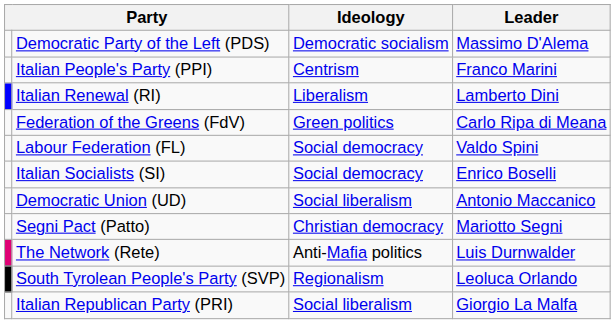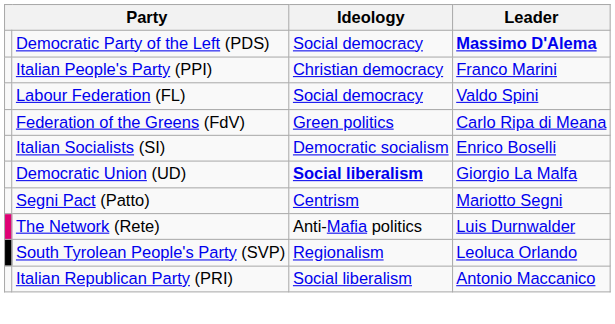 <table class=wikitable style=text-align:left>
 <tr>
 <th colspan=2>Party</th>
 <th>Ideology</th>
 <th>Leader</th>
 </tr>
 <tr>
 <td></td>
 <td><a href='#'>Democratic Party of the Left</a> (PDS)</td>
-<td><a href='#'>Democratic socialism</a></td>
-<td><a href='#'>Massimo D'Alema</a></td>
+<td><a href='#'>Social democracy</a></td>
+<td><strong><a href='#'>Massimo D'Alema</a></strong></td>
 </tr>
 <tr>
 <td></td>
 <td><a href='#'>Italian People's Party</a> (PPI)</td>
-<td><a href='#'>Centrism</a></td>
+<td><a href='#'>Christian democracy</a></td>
 <td><a href='#'>Franco Marini</a></td>
 </tr>
 <tr>
-<td bgcolor="blue"></td>
-<td><a href='#'>Italian Renewal</a> (RI)</td>
-<td><a href='#'>Liberalism</a></td>
-<td><a href='#'>Lamberto Dini</a></td>
+<td></td>
+<td><a href='#'>Labour Federation</a> (FL)</td>
+<td><a href='#'>Social democracy</a></td>
+<td><a href='#'>Valdo Spini</a></td>
 </tr>
 <tr>
 <td></td>
 <td><a href='#'>Federation of the Greens</a> (FdV)</td>
 <td><a href='#'>Green politics</a></td>
 <td><a href='#'>Carlo Ripa di Meana</a></td>
 </tr>
 <tr>
 <td></td>
-<td><a href='#'>Labour Federation</a> (FL)</td>
-<td><a href='#'>Social democracy</a></td>
-<td><a href='#'>Valdo Spini</a></td>
-</tr>
-<tr>
-<td></td>
 <td><a href='#'>Italian Socialists</a> (SI)</td>
-<td><a href='#'>Social democracy</a></td>
+<td><a href='#'>Democratic socialism</a></td>
 <td><a href='#'>Enrico Boselli</a></td>
 </tr>
 <tr>
 <td></td>
 <td><a href='#'>Democratic Union</a> (UD)</td>
-<td><a href='#'>Social liberalism</a></td>
-<td><a href='#'>Antonio Maccanico</a></td>
+<td><strong><a href='#'>Social liberalism</a></strong></td>
+<td><a href='#'>Giorgio La Malfa</a></td>
 </tr>
 <tr>
 <td></td>
 <td><a href='#'>Segni Pact</a> (Patto)</td>
-<td><a href='#'>Christian democracy</a></td>
+<td><a href='#'>Centrism</a></td>
 <td><a href='#'>Mariotto Segni</a></td>
 </tr>
 <tr>
 <td bgcolor="#DF0174"></td>
 <td><a href='#'>The Network</a> (Rete)</td>
 <td>Anti-<a href='#'>Mafia</a> politics</td>
 <td><a href='#'>Luis Durnwalder</a></td>
 </tr>
 <tr>
 <td bgcolor="Black"></td>
 <td><a href='#'>South Tyrolean People's Party</a> (SVP)</td>
 <td><a href='#'>Regionalism</a></td>
 <td><a href='#'>Leoluca Orlando</a></td>
 </tr>
 <tr>
 <td></td>
 <td><a href='#'>Italian Republican Party</a> (PRI)</td>
 <td><a href='#'>Social liberalism</a></td>
-<td><a href='#'>Giorgio La Malfa</a></td>
+<td><a href='#'>Antonio Maccanico</a></td>
 </tr>
 </table>
